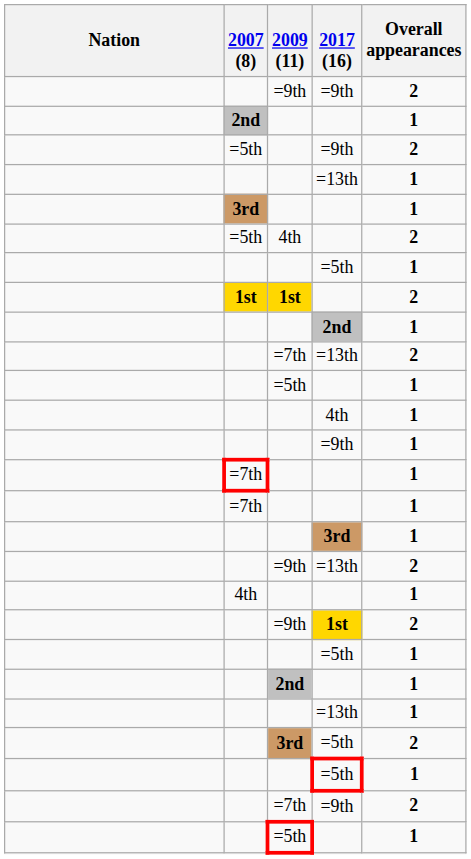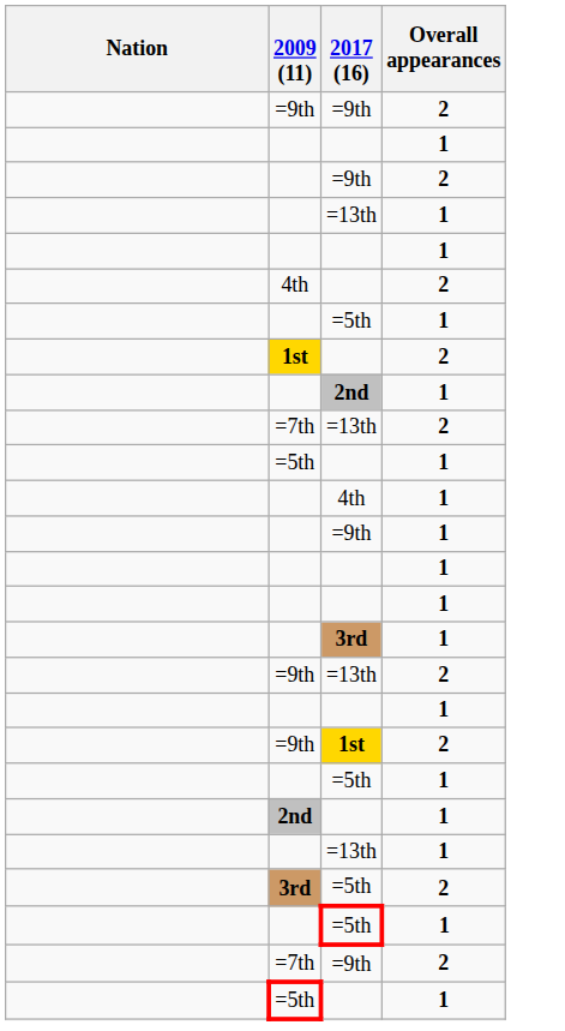 <table class="wikitable" style="text-align:center; font-size:90%">
 <tr>
 <th width=170>Nation</th>
-<th><br><a href='#'>2007</a><br>(8)</th>
 <th><br><a href='#'>2009</a><br>(11)</th>
 <th><br><a href='#'>2017</a><br>(16)</th>
 <th>Overall<br>appearances</th>
 </tr>
 <tr>
 <td align=left></td>
-<td></td>
 <td>=9th</td>
 <td>=9th</td>
 <td><strong>2</strong></td>
 </tr>
 <tr>
 <td align=left></td>
-<td bgcolor="silver"><strong>2nd</strong></td>
 <td></td>
 <td></td>
 <td><strong>1</strong></td>
 </tr>
 <tr>
 <td align=left></td>
-<td>=5th</td>
 <td></td>
 <td>=9th</td>
 <td><strong>2</strong></td>
 </tr>
 <tr>
 <td align=left></td>
 <td></td>
-<td></td>
 <td>=13th</td>
 <td><strong>1</strong></td>
 </tr>
 <tr>
 <td align=left></td>
-<td bgcolor="#CC9966"><strong>3rd</strong></td>
 <td></td>
 <td></td>
 <td><strong>1</strong></td>
 </tr>
 <tr>
 <td align=left></td>
-<td>=5th</td>
 <td>4th</td>
 <td></td>
 <td><strong>2</strong></td>
 </tr>
 <tr>
 <td align=left></td>
 <td></td>
-<td></td>
 <td>=5th</td>
 <td><strong>1</strong></td>
 </tr>
 <tr>
 <td align=left></td>
-<td bgcolor="gold"><strong>1st</strong></td>
 <td bgcolor="gold"><strong>1st</strong></td>
 <td></td>
 <td><strong>2</strong></td>
 </tr>
 <tr>
 <td align=left></td>
 <td></td>
-<td></td>
 <td bgcolor="silver"><strong>2nd</strong></td>
 <td><strong>1</strong></td>
 </tr>
 <tr>
 <td align=left></td>
-<td></td>
 <td>=7th</td>
 <td>=13th</td>
 <td><strong>2</strong></td>
 </tr>
 <tr>
 <td align=left></td>
-<td></td>
 <td>=5th</td>
 <td></td>
 <td><strong>1</strong></td>
 </tr>
 <tr>
 <td align=left></td>
 <td></td>
-<td></td>
 <td>4th</td>
 <td><strong>1</strong></td>
 </tr>
 <tr>
 <td align=left></td>
 <td></td>
-<td></td>
 <td>=9th</td>
 <td><strong>1</strong></td>
 </tr>
 <tr>
 <td align=left></td>
-<td style="border: 3px solid red">=7th</td>
-<td></td>
-<td></td>
-<td><strong>1</strong></td>
-</tr>
-<tr>
-<td align=left></td>
-<td>=7th</td>
 <td></td>
 <td></td>
 <td><strong>1</strong></td>
 </tr>
 <tr>
 <td align=left></td>
 <td></td>
 <td></td>
+<td><strong>1</strong></td>
+</tr>
+<tr>
+<td align=left></td>
+<td></td>
 <td bgcolor="#CC9966"><strong>3rd</strong></td>
 <td><strong>1</strong></td>
 </tr>
 <tr>
 <td align=left></td>
-<td></td>
 <td>=9th</td>
 <td>=13th</td>
 <td><strong>2</strong></td>
 </tr>
 <tr>
 <td align=left></td>
-<td>4th</td>
 <td></td>
 <td></td>
 <td><strong>1</strong></td>
 </tr>
 <tr>
 <td align=left></td>
-<td></td>
 <td>=9th</td>
 <td bgcolor="gold"><strong>1st</strong></td>
 <td><strong>2</strong></td>
 </tr>
 <tr>
 <td align=left></td>
 <td></td>
-<td></td>
 <td>=5th</td>
 <td><strong>1</strong></td>
 </tr>
 <tr>
 <td align=left></td>
-<td></td>
 <td bgcolor="silver"><strong>2nd</strong></td>
 <td></td>
 <td><strong>1</strong></td>
 </tr>
 <tr>
 <td align=left></td>
 <td></td>
-<td></td>
 <td>=13th</td>
 <td><strong>1</strong></td>
 </tr>
 <tr>
 <td align=left></td>
-<td></td>
 <td bgcolor="#CC9966"><strong>3rd</strong></td>
 <td>=5th</td>
 <td><strong>2</strong></td>
 </tr>
 <tr>
 <td align=left></td>
 <td></td>
-<td></td>
 <td style="border: 3px solid red">=5th</td>
 <td><strong>1</strong></td>
 </tr>
 <tr>
 <td align=left></td>
-<td></td>
 <td>=7th</td>
 <td>=9th</td>
 <td><strong>2</strong></td>
 </tr>
 <tr>
 <td align=left></td>
-<td></td>
 <td style="border: 3px solid red">=5th</td>
 <td></td>
 <td><strong>1</strong></td>
 </tr>
 </table>
